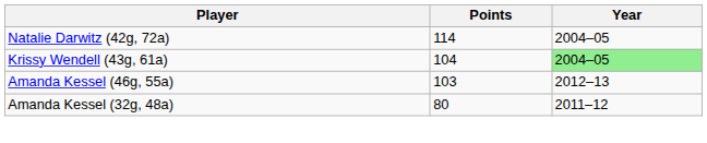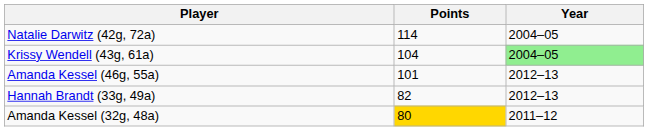 <table class="wikitable" style="width: 50em">
 <tr>
 <th>Player</th>
 <th>Points</th>
 <th>Year</th>
 </tr>
 <tr>
 <td><a href='#'>Natalie Darwitz</a> (42g, 72a)</td>
 <td>114</td>
 <td>2004–05</td>
 </tr>
 <tr>
 <td><a href='#'>Krissy Wendell</a> (43g, 61a)</td>
 <td>104</td>
 <td style="background: lightgreen;">2004–05</td>
 </tr>
 <tr>
 <td><a href='#'>Amanda Kessel</a> (46g, 55a)</td>
-<td>103</td>
+<td>101</td>
+<td>2012–13</td>
+</tr>
+<tr>
+<td><a href='#'>Hannah Brandt</a> (33g, 49a)</td>
+<td>82</td>
 <td>2012–13</td>
 </tr>
 <tr>
 <td>Amanda Kessel (32g, 48a)</td>
-<td>80</td>
+<td style="background: gold;">80</td>
 <td>2011–12</td>
 </tr>
 </table>
